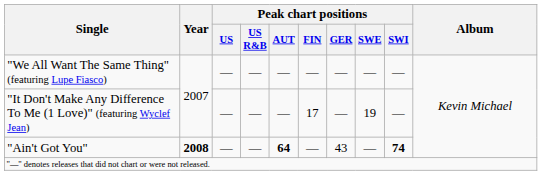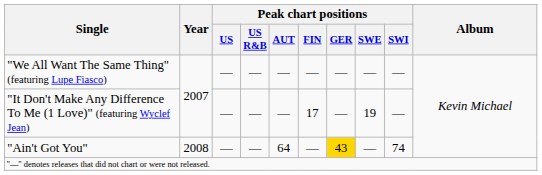 <table class="wikitable">
 <tr>
 <th style="width:215px;" rowspan="2">Single</th>
 <th rowspan="2" style="width:33px;">Year</th>
 <th colspan=7>Peak chart positions</th>
 <th rowspan="2" style="width:150px;">Album</th>
 </tr>
 <tr style="font-size:smaller;">
 <th width="30"><a href='#'>US</a><br></th>
 <th width="30"><a href='#'>US R&B</a><br></th>
 <th width="30"><a href='#'>AUT</a><br></th>
 <th width="30"><a href='#'>FIN</a><br></th>
 <th width="30"><a href='#'>GER</a><br></th>
 <th width="30"><a href='#'>SWE</a><br></th>
 <th width="30"><a href='#'>SWI</a><br></th>
 </tr>
 <tr style="text-align:center;">
 <td align="left">"We All Want The Same Thing"<br><small>(featuring <a href='#'>Lupe Fiasco</a>)</small></td>
 <td rowspan="2">2007</td>
 <td>—</td>
 <td>—</td>
 <td>—</td>
 <td>—</td>
 <td>—</td>
 <td>—</td>
 <td>—</td>
 <td style="text-align:center;" rowspan="3"><em>Kevin Michael</em></td>
 </tr>
 <tr style="text-align:center;">
 <td align="left">"It Don't Make Any Difference To Me (1 Love)" <small>(featuring <a href='#'>Wyclef Jean</a>)</small></td>
 <td>—</td>
 <td>—</td>
 <td>—</td>
 <td>17</td>
 <td>—</td>
 <td>19</td>
 <td>—</td>
 </tr>
 <tr style="text-align:center;">
 <td align="left">"Ain't Got You"</td>
-<td><strong>2008</strong></td>
+<td>2008</td>
 <td>—</td>
 <td>—</td>
-<td><strong>64</strong></td>
+<td>64</td>
 <td>—</td>
-<td>43</td>
+<td style="background: gold;">43</td>
 <td>—</td>
-<td><strong>74</strong></td>
+<td>74</td>
 </tr>
 <tr>
 <td colspan="13" style="font-size:8pt;">"—" denotes releases that did not chart or were not released.</td>
 </tr>
 </table>
